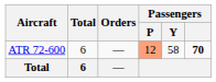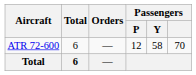 <table class="wikitable" style="margin:1em auto; border-collapse:collapse;text-align:center">
 <tr>
 <th rowspan="2">Aircraft</th>
 <th rowspan="2">Total</th>
 <th rowspan="2">Orders</th>
 <th colspan="3">Passengers</th>
 </tr>
 <tr>
 <th style="width:25px;"><abbr> P</abbr></th>
 <th style="width:25px;"><abbr>Y</abbr></th>
 <th style="width:29px;"></th>
 </tr>
 <tr>
 <td><a href='#'>ATR 72-600</a></td>
 <td>6</td>
 <td>—</td>
-<td style="background: lightsalmon;">12</td>
+<td>12</td>
 <td>58</td>
-<td><strong>70</strong></td>
+<td>70</td>
 </tr>
 <tr>
 <th>Total</th>
 <th>6</th>
 <th>—</th>
 <th colspan="3"></th>
 </tr>
 </table>
